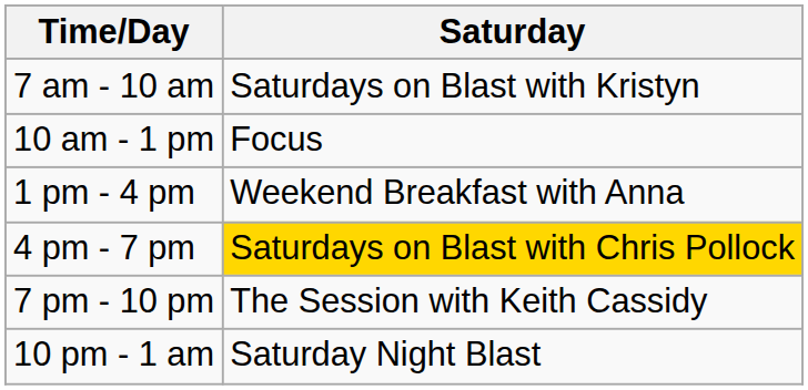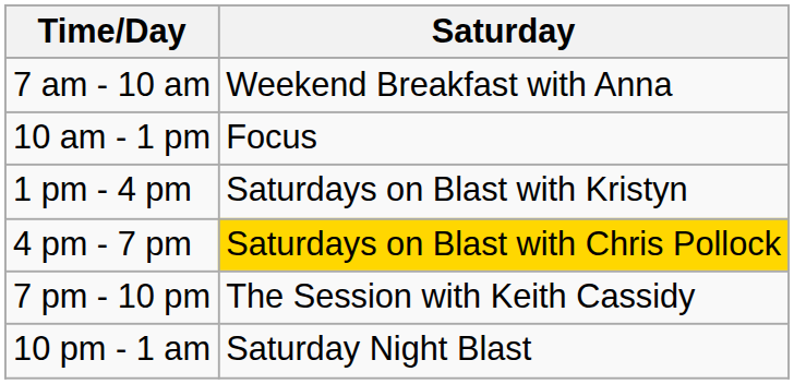 <table class="wikitable">
 <tr>
 <th>Time/Day</th>
 <th>Saturday</th>
 </tr>
 <tr>
 <td>7 am - 10 am</td>
-<td>Saturdays on Blast with Kristyn</td>
+<td>Weekend Breakfast with Anna</td>
 </tr>
 <tr>
 <td>10 am - 1 pm</td>
 <td>Focus</td>
 </tr>
 <tr>
 <td>1 pm - 4 pm</td>
-<td>Weekend Breakfast with Anna</td>
+<td>Saturdays on Blast with Kristyn</td>
 </tr>
 <tr>
 <td>4 pm - 7 pm</td>
 <td style="background: gold;">Saturdays on Blast with Chris Pollock</td>
 </tr>
 <tr>
 <td>7 pm - 10 pm</td>
 <td>The Session with Keith Cassidy</td>
 </tr>
 <tr>
 <td>10 pm - 1 am</td>
 <td>Saturday Night Blast</td>
 </tr>
 </table>
